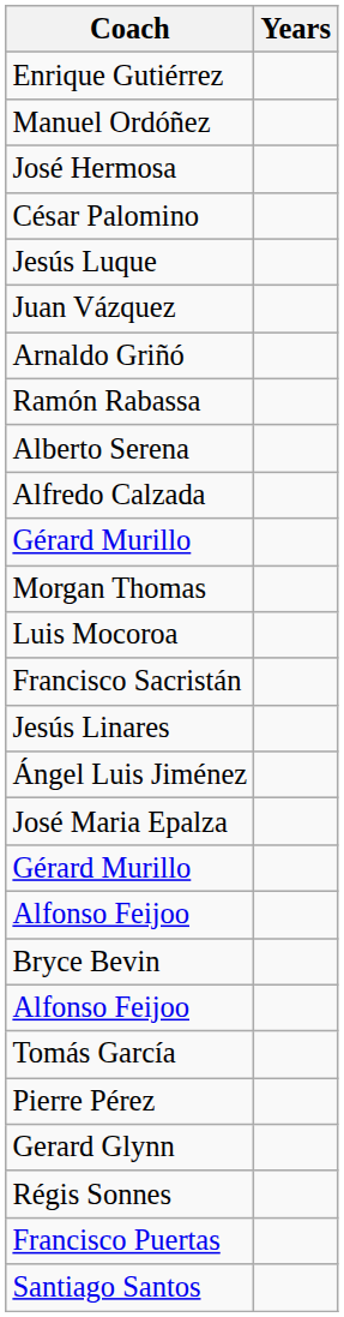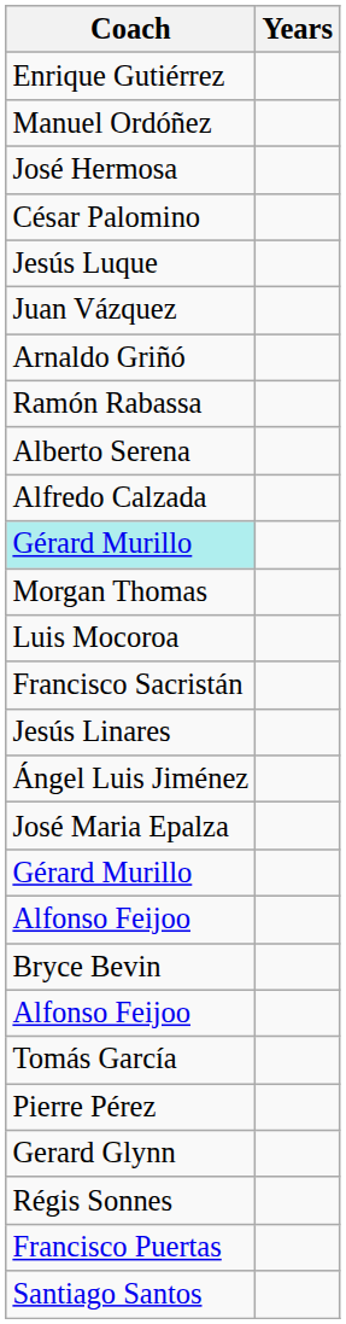 <table class="wikitable" style="font-size:100%; text-align:left;">
 <tr>
 <th>Coach</th>
 <th>Years</th>
 </tr>
 <tr>
 <td> Enrique Gutiérrez</td>
 <td></td>
 </tr>
 <tr>
 <td> Manuel Ordóñez</td>
 <td></td>
 </tr>
 <tr>
 <td> José Hermosa</td>
 <td></td>
 </tr>
 <tr>
 <td> César Palomino</td>
 <td></td>
 </tr>
 <tr>
 <td> Jesús Luque</td>
 <td></td>
 </tr>
 <tr>
 <td> Juan Vázquez</td>
 <td></td>
 </tr>
 <tr>
 <td> Arnaldo Griñó</td>
 <td></td>
 </tr>
 <tr>
 <td> Ramón Rabassa</td>
 <td></td>
 </tr>
 <tr>
 <td> Alberto Serena</td>
 <td></td>
 </tr>
 <tr>
 <td> Alfredo Calzada</td>
 <td></td>
 </tr>
 <tr>
-<td> <a href='#'>Gérard Murillo</a></td>
+<td style="background: paleturquoise;"> <a href='#'>Gérard Murillo</a></td>
 <td></td>
 </tr>
 <tr>
 <td> Morgan Thomas</td>
 <td></td>
 </tr>
 <tr>
 <td> Luis Mocoroa</td>
 <td></td>
 </tr>
 <tr>
 <td> Francisco Sacristán</td>
 <td></td>
 </tr>
 <tr>
 <td> Jesús Linares</td>
 <td></td>
 </tr>
 <tr>
 <td> Ángel Luis Jiménez</td>
 <td></td>
 </tr>
 <tr>
 <td> José Maria Epalza</td>
 <td></td>
 </tr>
 <tr>
 <td> <a href='#'>Gérard Murillo</a></td>
 <td></td>
 </tr>
 <tr>
 <td> <a href='#'>Alfonso Feijoo</a></td>
 <td></td>
 </tr>
 <tr>
 <td> Bryce Bevin</td>
 <td></td>
 </tr>
 <tr>
 <td> <a href='#'>Alfonso Feijoo</a></td>
 <td></td>
 </tr>
 <tr>
 <td> Tomás García</td>
 <td></td>
 </tr>
 <tr>
 <td> Pierre Pérez</td>
 <td></td>
 </tr>
 <tr>
 <td> Gerard Glynn</td>
 <td></td>
 </tr>
 <tr>
 <td> Régis Sonnes</td>
 <td></td>
 </tr>
 <tr>
 <td> <a href='#'>Francisco Puertas</a></td>
 <td></td>
 </tr>
 <tr>
 <td> <a href='#'>Santiago Santos</a></td>
 <td></td>
 </tr>
 <tr>
 </tr>
 </table>
